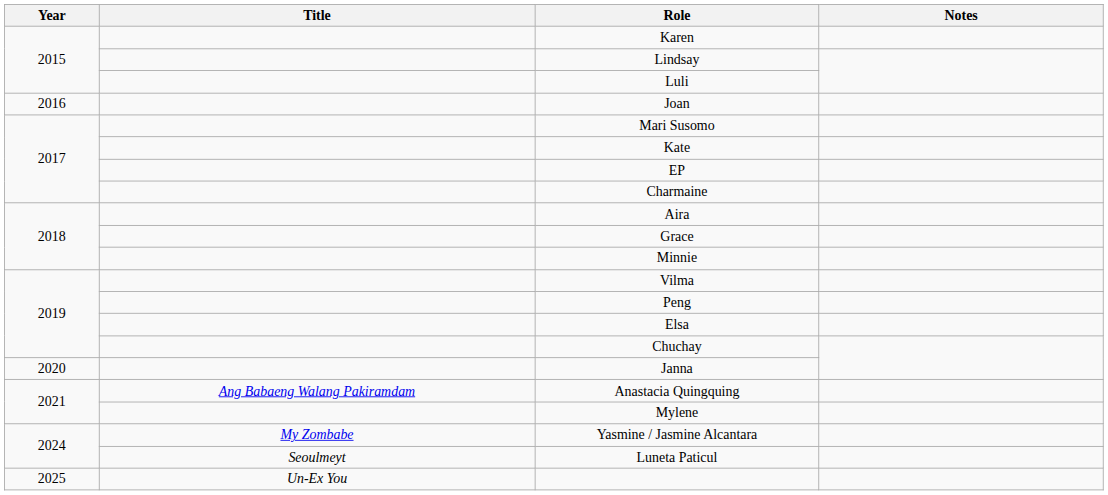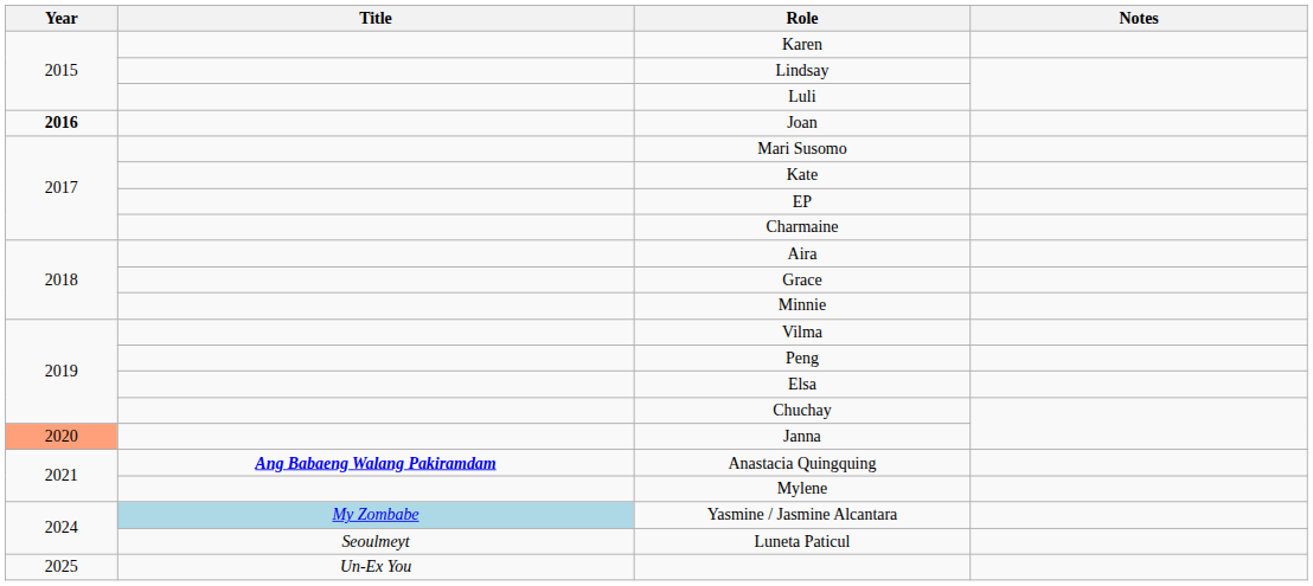 <table class="wikitable sortable" style="width:100%; text-align:center">
 <tr>
 <th scope="col" width="5%" style="white-space: nowrap;">Year</th>
 <th scope="col" width="23%" style="white-space: nowrap;">Title</th>
 <th scope="col" width="15%" style="white-space: nowrap;">Role</th>
 <th scope="col" width="15%" style="white-space: nowrap;">Notes</th>
 </tr>
 <tr>
 <td rowspan="3">2015</td>
 <td></td>
 <td>Karen</td>
 <td></td>
 </tr>
 <tr>
 <td></td>
 <td>Lindsay</td>
 <td rowspan="2"></td>
 </tr>
 <tr>
 <td></td>
 <td>Luli</td>
 </tr>
 <tr>
-<td>2016</td>
+<td><strong>2016</strong></td>
 <td></td>
 <td>Joan</td>
 <td></td>
 </tr>
 <tr>
 <td rowspan="4">2017</td>
 <td></td>
 <td>Mari Susomo</td>
 <td></td>
 </tr>
 <tr>
 <td></td>
 <td>Kate</td>
 <td></td>
 </tr>
 <tr>
 <td></td>
 <td>EP</td>
 <td></td>
 </tr>
 <tr>
 <td></td>
 <td>Charmaine</td>
 <td></td>
 </tr>
 <tr>
 <td rowspan="3">2018</td>
 <td></td>
 <td>Aira</td>
 <td></td>
 </tr>
 <tr>
 <td></td>
 <td>Grace</td>
 <td></td>
 </tr>
 <tr>
 <td></td>
 <td>Minnie</td>
 <td></td>
 </tr>
 <tr>
 <td rowspan="4">2019</td>
 <td></td>
 <td>Vilma</td>
 <td></td>
 </tr>
 <tr>
 <td></td>
 <td>Peng</td>
 <td></td>
 </tr>
 <tr>
 <td></td>
 <td>Elsa</td>
 <td></td>
 </tr>
 <tr>
 <td></td>
 <td>Chuchay</td>
 <td rowspan="2"></td>
 </tr>
 <tr>
-<td>2020</td>
+<td style="background: lightsalmon;">2020</td>
 <td></td>
 <td>Janna</td>
 </tr>
 <tr>
 <td rowspan="2">2021</td>
-<td><em><a href='#'>Ang Babaeng Walang Pakiramdam</a></em></td>
+<td><strong><em><a href='#'>Ang Babaeng Walang Pakiramdam</a></em></strong></td>
 <td>Anastacia Quingquing</td>
 <td></td>
 </tr>
 <tr>
 <td></td>
 <td>Mylene</td>
 <td></td>
 </tr>
 <tr>
 <td rowspan="2">2024</td>
-<td><em><a href='#'>My Zombabe</a></em></td>
+<td style="background: lightblue;"><em><a href='#'>My Zombabe</a></em></td>
 <td>Yasmine / Jasmine Alcantara</td>
 <td></td>
 </tr>
 <tr>
 <td><em>Seoulmeyt</em></td>
 <td>Luneta Paticul</td>
 <td></td>
 </tr>
 <tr>
 <td>2025</td>
 <td><em>Un-Ex You</em></td>
 <td></td>
 <td></td>
 </tr>
 </table>
